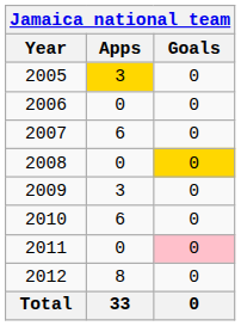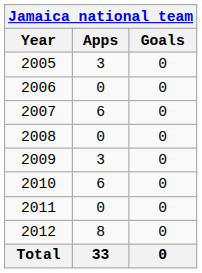 <table class="wikitable" style="text-align:center">
 <tr>
 <th colspan=3><a href='#'>Jamaica national team</a></th>
 </tr>
 <tr>
 <th>Year</th>
 <th>Apps</th>
 <th>Goals</th>
 </tr>
 <tr>
 <td>2005</td>
-<td style="background: gold;">3</td>
+<td>3</td>
 <td>0</td>
 </tr>
 <tr>
 <td>2006</td>
 <td>0</td>
 <td>0</td>
 </tr>
 <tr>
 <td>2007</td>
 <td>6</td>
 <td>0</td>
 </tr>
 <tr>
 <td>2008</td>
 <td>0</td>
-<td style="background: gold;">0</td>
+<td>0</td>
 </tr>
 <tr>
 <td>2009</td>
 <td>3</td>
 <td>0</td>
 </tr>
 <tr>
 <td>2010</td>
 <td>6</td>
 <td>0</td>
 </tr>
 <tr>
 <td>2011</td>
 <td>0</td>
-<td style="background: pink;">0</td>
+<td>0</td>
 </tr>
 <tr>
 <td>2012</td>
 <td>8</td>
 <td>0</td>
 </tr>
 <tr>
 <th>Total</th>
 <th>33</th>
 <th>0</th>
 </tr>
 </table>
